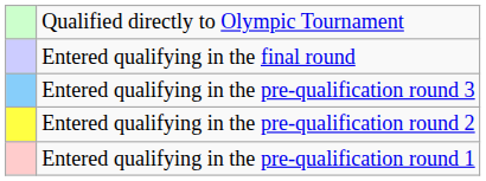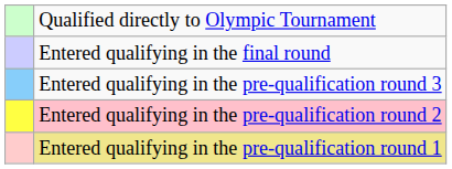 <table class="wikitable">
 <tr>
 <td style="background: #ccffcc;">    </td>
 <td>Qualified directly to <a href='#'>Olympic Tournament</a></td>
 </tr>
 <tr>
 <td style="background: #ccccff;">    </td>
 <td>Entered qualifying in the <a href='#'>final round</a></td>
 </tr>
 <tr>
 <td style="background: #87cefa;">    </td>
 <td>Entered qualifying in the <a href='#'>pre-qualification round 3</a></td>
 </tr>
 <tr>
 <td style="background: #ffff42;">    </td>
-<td>Entered qualifying in the <a href='#'>pre-qualification round 2</a></td>
+<td style="background: pink;">Entered qualifying in the <a href='#'>pre-qualification round 2</a></td>
 </tr>
 <tr>
 <td style="background: #ffcccc;">    </td>
-<td>Entered qualifying in the <a href='#'>pre-qualification round 1</a></td>
+<td style="background: khaki;">Entered qualifying in the <a href='#'>pre-qualification round 1</a></td>
 </tr>
 </table>
